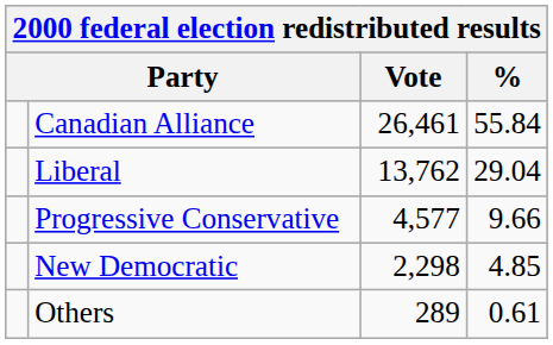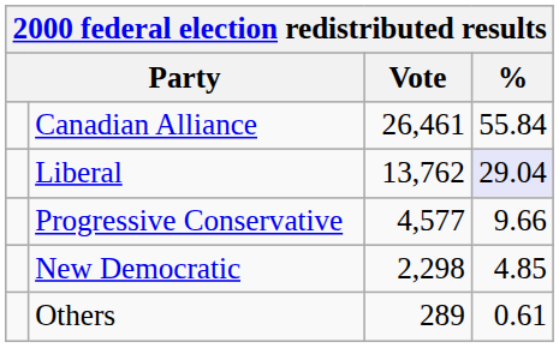 <table class="wikitable">
 <tr>
 <th colspan="4"><a href='#'>2000 federal election</a> redistributed results</th>
 </tr>
 <tr>
 <th bgcolor="#DDDDFF" width="130px" colspan="2">Party</th>
 <th bgcolor="#DDDDFF" width="50px">Vote</th>
 <th bgcolor="#DDDDFF" width="30px">%</th>
 </tr>
 <tr>
 <td> </td>
 <td><a href='#'>Canadian Alliance</a></td>
 <td align=right>26,461</td>
 <td align=right>55.84</td>
 </tr>
 <tr>
 <td> </td>
 <td><a href='#'>Liberal</a></td>
 <td align=right>13,762</td>
-<td align=right>29.04</td>
+<td align=right style="background: lavender;">29.04</td>
 </tr>
 <tr>
 <td> </td>
 <td><a href='#'>Progressive Conservative</a></td>
 <td align=right>4,577</td>
 <td align=right>9.66</td>
 </tr>
 <tr>
 <td> </td>
 <td><a href='#'>New Democratic</a></td>
 <td align=right>2,298</td>
 <td align=right>4.85</td>
 </tr>
 <tr>
 <td> </td>
 <td>Others</td>
 <td align=right>289</td>
 <td align=right>0.61</td>
 </tr>
 </table>
